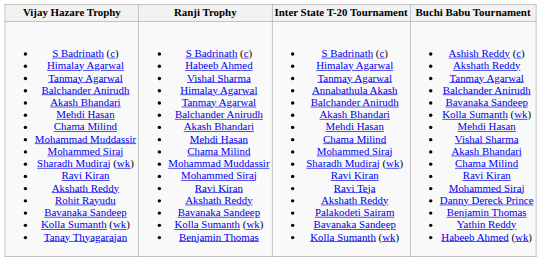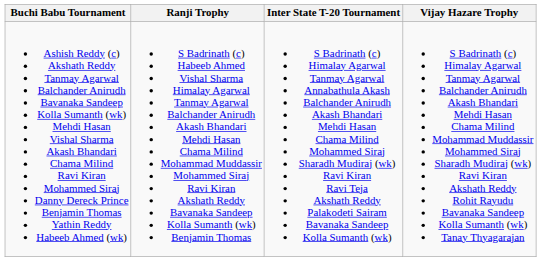 <table class="wikitable" style="text-align:center; margin:auto">
 <tr>
-<th>Vijay Hazare Trophy</th>
+<th>Buchi Babu Tournament</th>
 <th>Ranji Trophy</th>
 <th>Inter State T-20 Tournament</th>
-<th>Buchi Babu Tournament</th>
+<th>Vijay Hazare Trophy</th>
 </tr>
 <tr style="vertical-align:top">
-<td><br><ul><li><a href='#'>S Badrinath</a> (<a href='#'>c</a>)</li><li><a href='#'>Himalay Agarwal</a></li><li><a href='#'>Tanmay Agarwal</a></li><li><a href='#'>Balchander Anirudh</a></li><li><a href='#'>Akash Bhandari</a></li><li><a href='#'>Mehdi Hasan</a></li><li><a href='#'>Chama Milind</a></li><li><a href='#'>Mohammad Muddassir</a></li><li><a href='#'>Mohammed Siraj</a></li><li><a href='#'>Sharadh Mudiraj</a> (<a href='#'>wk</a>)</li><li><a href='#'>Ravi Kiran</a></li><li><a href='#'>Akshath Reddy</a></li><li><a href='#'>Rohit Rayudu</a></li><li><a href='#'>Bavanaka Sandeep</a></li><li><a href='#'>Kolla Sumanth</a> (<a href='#'>wk</a>)</li><li><a href='#'>Tanay Thyagarajan</a></li></ul></td>
+<td><br><ul><li><a href='#'>Ashish Reddy</a> (<a href='#'>c</a>)</li><li><a href='#'>Akshath Reddy</a></li><li><a href='#'>Tanmay Agarwal</a></li><li><a href='#'>Balchander Anirudh</a></li><li><a href='#'>Bavanaka Sandeep</a></li><li><a href='#'>Kolla Sumanth</a> (<a href='#'>wk</a>)</li><li><a href='#'>Mehdi Hasan</a></li><li><a href='#'>Vishal Sharma</a></li><li><a href='#'>Akash Bhandari</a></li><li><a href='#'>Chama Milind</a></li><li><a href='#'>Ravi Kiran</a></li><li><a href='#'>Mohammed Siraj</a></li><li><a href='#'>Danny Dereck Prince</a></li><li><a href='#'>Benjamin Thomas</a></li><li><a href='#'>Yathin Reddy</a></li><li><a href='#'>Habeeb Ahmed</a> (<a href='#'>wk</a>)</li></ul></td>
 <td><br><ul><li><a href='#'>S Badrinath</a> (<a href='#'>c</a>)</li><li><a href='#'>Habeeb Ahmed</a></li><li><a href='#'>Vishal Sharma</a></li><li><a href='#'>Himalay Agarwal</a></li><li><a href='#'>Tanmay Agarwal</a></li><li><a href='#'>Balchander Anirudh</a></li><li><a href='#'>Akash Bhandari</a></li><li><a href='#'>Mehdi Hasan</a></li><li><a href='#'>Chama Milind</a></li><li><a href='#'>Mohammad Muddassir</a></li><li><a href='#'>Mohammed Siraj</a></li><li><a href='#'>Ravi Kiran</a></li><li><a href='#'>Akshath Reddy</a></li><li><a href='#'>Bavanaka Sandeep</a></li><li><a href='#'>Kolla Sumanth</a> (<a href='#'>wk</a>)</li><li><a href='#'>Benjamin Thomas</a></li></ul></td>
 <td><br><ul><li><a href='#'>S Badrinath</a> (<a href='#'>c</a>)</li><li><a href='#'>Himalay Agarwal</a></li><li><a href='#'>Tanmay Agarwal</a></li><li><a href='#'>Annabathula Akash</a></li><li><a href='#'>Balchander Anirudh</a></li><li><a href='#'>Akash Bhandari</a></li><li><a href='#'>Mehdi Hasan</a></li><li><a href='#'>Chama Milind</a></li><li><a href='#'>Mohammed Siraj</a></li><li><a href='#'>Sharadh Mudiraj</a> (<a href='#'>wk</a>)</li><li><a href='#'>Ravi Kiran</a></li><li><a href='#'>Ravi Teja</a></li><li><a href='#'>Akshath Reddy</a></li><li><a href='#'>Palakodeti Sairam</a></li><li><a href='#'>Bavanaka Sandeep</a></li><li><a href='#'>Kolla Sumanth</a> (<a href='#'>wk</a>)</li></ul></td>
-<td><br><ul><li><a href='#'>Ashish Reddy</a> (<a href='#'>c</a>)</li><li><a href='#'>Akshath Reddy</a></li><li><a href='#'>Tanmay Agarwal</a></li><li><a href='#'>Balchander Anirudh</a></li><li><a href='#'>Bavanaka Sandeep</a></li><li><a href='#'>Kolla Sumanth</a> (<a href='#'>wk</a>)</li><li><a href='#'>Mehdi Hasan</a></li><li><a href='#'>Vishal Sharma</a></li><li><a href='#'>Akash Bhandari</a></li><li><a href='#'>Chama Milind</a></li><li><a href='#'>Ravi Kiran</a></li><li><a href='#'>Mohammed Siraj</a></li><li><a href='#'>Danny Dereck Prince</a></li><li><a href='#'>Benjamin Thomas</a></li><li><a href='#'>Yathin Reddy</a></li><li><a href='#'>Habeeb Ahmed</a> (<a href='#'>wk</a>)</li></ul></td>
+<td><br><ul><li><a href='#'>S Badrinath</a> (<a href='#'>c</a>)</li><li><a href='#'>Himalay Agarwal</a></li><li><a href='#'>Tanmay Agarwal</a></li><li><a href='#'>Balchander Anirudh</a></li><li><a href='#'>Akash Bhandari</a></li><li><a href='#'>Mehdi Hasan</a></li><li><a href='#'>Chama Milind</a></li><li><a href='#'>Mohammad Muddassir</a></li><li><a href='#'>Mohammed Siraj</a></li><li><a href='#'>Sharadh Mudiraj</a> (<a href='#'>wk</a>)</li><li><a href='#'>Ravi Kiran</a></li><li><a href='#'>Akshath Reddy</a></li><li><a href='#'>Rohit Rayudu</a></li><li><a href='#'>Bavanaka Sandeep</a></li><li><a href='#'>Kolla Sumanth</a> (<a href='#'>wk</a>)</li><li><a href='#'>Tanay Thyagarajan</a></li></ul></td>
 </tr>
 </table>
